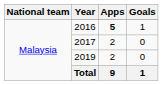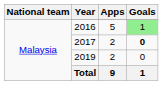 <table class="wikitable" style="text-align: center;">
 <tr>
 <th>National team</th>
 <th>Year</th>
 <th>Apps</th>
 <th>Goals</th>
 </tr>
 <tr>
 <td rowspan="5"><a href='#'>Malaysia</a></td>
 </tr>
 <tr>
 <td>2016</td>
-<td><strong>5</strong></td>
-<td>1</td>
+<td>5</td>
+<td style="background: lightgreen;">1</td>
 </tr>
 <tr>
 <td>2017</td>
 <td>2</td>
-<td>0</td>
+<td><strong>0</strong></td>
 </tr>
 <tr>
 <td>2019</td>
 <td>2</td>
 <td>0</td>
 </tr>
 <tr>
 <th>Total</th>
 <th>9</th>
 <th>1</th>
 </tr>
 </table>
